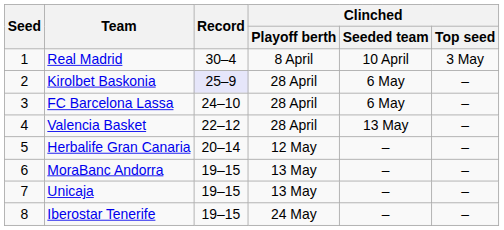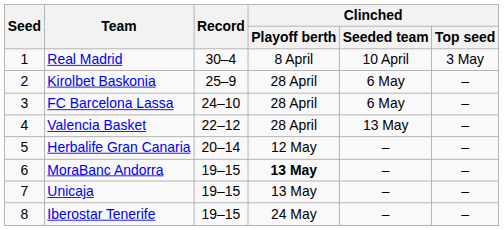 <table class="wikitable" style="text-align:center">
 <tr>
 <th rowspan=2>Seed</th>
 <th rowspan=2>Team</th>
 <th rowspan=2>Record</th>
 <th colspan=4>Clinched</th>
 </tr>
 <tr>
 <th>Playoff berth</th>
 <th>Seeded team</th>
 <th>Top seed</th>
 </tr>
 <tr>
 <td>1</td>
 <td align=left><a href='#'>Real Madrid</a></td>
 <td>30–4</td>
 <td>8 April</td>
 <td>10 April</td>
 <td>3 May</td>
 </tr>
 <tr>
 <td>2</td>
 <td align=left><a href='#'>Kirolbet Baskonia</a></td>
-<td style="background: lavender;">25–9</td>
+<td>25–9</td>
 <td>28 April</td>
 <td>6 May</td>
 <td>–</td>
 </tr>
 <tr>
 <td>3</td>
 <td align=left><a href='#'>FC Barcelona Lassa</a></td>
 <td>24–10</td>
 <td>28 April</td>
 <td>6 May</td>
 <td>–</td>
 </tr>
 <tr>
 <td>4</td>
 <td align=left><a href='#'>Valencia Basket</a></td>
 <td>22–12</td>
 <td>28 April</td>
 <td>13 May</td>
 <td>–</td>
 </tr>
 <tr>
 <td>5</td>
 <td align=left><a href='#'>Herbalife Gran Canaria</a></td>
 <td>20–14</td>
 <td>12 May</td>
 <td>–</td>
 <td>–</td>
 </tr>
 <tr>
 <td>6</td>
 <td align=left><a href='#'>MoraBanc Andorra</a></td>
 <td>19–15</td>
-<td>13 May</td>
+<td><strong>13 May</strong></td>
 <td>–</td>
 <td>–</td>
 </tr>
 <tr>
 <td>7</td>
 <td align=left><a href='#'>Unicaja</a></td>
 <td>19–15</td>
 <td>13 May</td>
 <td>–</td>
 <td>–</td>
 </tr>
 <tr>
 <td>8</td>
 <td align=left><a href='#'>Iberostar Tenerife</a></td>
 <td>19–15</td>
 <td>24 May</td>
 <td>–</td>
 <td>–</td>
 </tr>
 </table>
